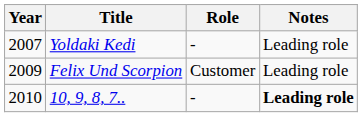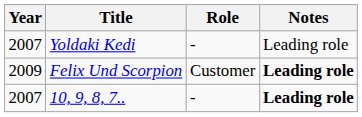 <table class="wikitable">
 <tr>
 <th>Year</th>
 <th>Title</th>
 <th>Role</th>
 <th>Notes</th>
 </tr>
 <tr>
 <td>2007</td>
 <td><em><a href='#'>Yoldaki Kedi</a></em></td>
 <td>-</td>
 <td>Leading role</td>
 </tr>
 <tr>
 <td>2009</td>
 <td><em><a href='#'>Felix Und Scorpion</a></em></td>
 <td>Customer</td>
-<td>Leading role</td>
+<td><strong>Leading role</strong></td>
 </tr>
 <tr>
-<td>2010</td>
+<td>2007</td>
 <td><em><a href='#'>10, 9, 8, 7..</a></em></td>
 <td>-</td>
 <td><strong>Leading role</strong></td>
 </tr>
 </table>
